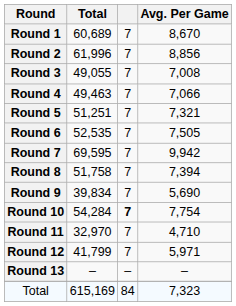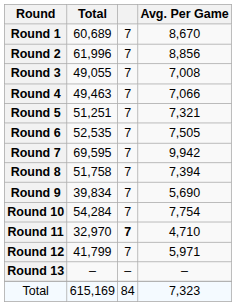 <table class="wikitable plainrowheaders sortable" style="text-align:center;">
 <tr>
 <th>Round</th>
 <th>Total</th>
 <th></th>
 <th>Avg. Per Game</th>
 </tr>
 <tr>
 <th scope='row'>Round 1</th>
 <td>60,689</td>
 <td>7</td>
 <td>8,670</td>
 </tr>
 <tr>
 <th scope='row'>Round 2</th>
 <td>61,996</td>
 <td>7</td>
 <td>8,856</td>
 </tr>
 <tr>
 <th scope='row'>Round 3</th>
 <td>49,055</td>
 <td>7</td>
 <td>7,008</td>
 </tr>
 <tr>
 <th scope='row'>Round 4</th>
 <td>49,463</td>
 <td>7</td>
 <td>7,066</td>
 </tr>
 <tr>
 <th scope='row'>Round 5</th>
 <td>51,251</td>
 <td>7</td>
 <td>7,321</td>
 </tr>
 <tr>
 <th scope='row'>Round 6</th>
 <td>52,535</td>
 <td>7</td>
 <td>7,505</td>
 </tr>
 <tr>
 <th scope='row'>Round 7</th>
 <td>69,595</td>
 <td>7</td>
 <td>9,942</td>
 </tr>
 <tr>
 <th scope='row'>Round 8</th>
 <td>51,758</td>
 <td>7</td>
 <td>7,394</td>
 </tr>
 <tr>
 <th scope='row'>Round 9</th>
 <td>39,834</td>
 <td>7</td>
 <td>5,690</td>
 </tr>
 <tr>
 <th scope='row'>Round 10</th>
 <td>54,284</td>
-<td><strong>7</strong></td>
+<td>7</td>
 <td>7,754</td>
 </tr>
 <tr>
 <th scope='row'>Round 11</th>
 <td>32,970</td>
-<td>7</td>
+<td><strong>7</strong></td>
 <td>4,710</td>
 </tr>
 <tr>
 <th scope='row'>Round 12</th>
 <td>41,799</td>
 <td>7</td>
 <td>5,971</td>
 </tr>
 <tr>
 <th scope='row'>Round 13</th>
 <td>–</td>
 <td>–</td>
 <td>–</td>
 </tr>
 <tr>
 </tr>
 <tr style="background:#f4faff;">
 <td>Total</td>
 <td>615,169</td>
 <td>84</td>
 <td>7,323</td>
 </tr>
 </table>
